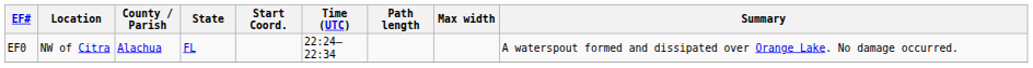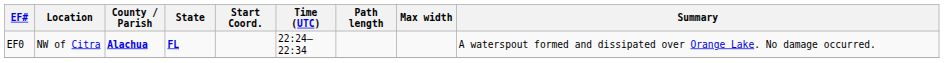 <table class="wikitable sortable" style="width:100%;">
 <tr>
 <th scope="col"  style="width:3%; text-align:center;"><a href='#'>EF#</a></th>
 <th scope="col"  style="width:7%; text-align:center;" class="unsortable">Location</th>
 <th scope="col"  style="width:6%; text-align:center;" class="unsortable">County / Parish</th>
 <th scope="col"  style="width:5%; text-align:center;">State</th>
 <th scope="col"  style="width:6%; text-align:center;">Start Coord.</th>
 <th scope="col"  style="width:6%; text-align:center;">Time (<a href='#'>UTC</a>)</th>
 <th scope="col"  style="width:6%; text-align:center;">Path length</th>
 <th scope="col"  style="width:6%; text-align:center;">Max width</th>
 <th scope="col" class="unsortable" style="width:48%; text-align:center;">Summary</th>
 </tr>
 <tr>
 <td>EF0</td>
 <td>NW of <a href='#'>Citra</a></td>
-<td><a href='#'>Alachua</a></td>
-<td><a href='#'>FL</a></td>
+<td><strong><a href='#'>Alachua</a></strong></td>
+<td><strong><a href='#'>FL</a></strong></td>
 <td></td>
 <td>22:24–22:34</td>
 <td></td>
 <td></td>
 <td>A waterspout formed and dissipated over <a href='#'>Orange Lake</a>. No damage occurred.</td>
 </tr>
 <tr>
 </tr>
 </table>
